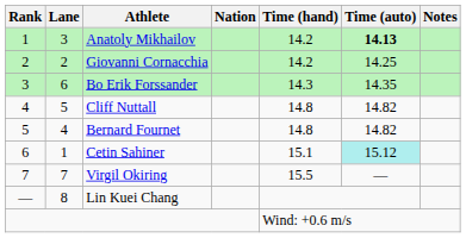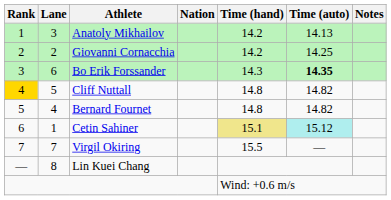 <table class="wikitable sortable" style="text-align:center">
 <tr>
 <th>Rank</th>
 <th>Lane</th>
 <th>Athlete</th>
 <th>Nation</th>
 <th>Time (hand)</th>
 <th>Time (auto)</th>
 <th>Notes</th>
 </tr>
 <tr bgcolor=bbf3bb>
 <td>1</td>
 <td>3</td>
 <td align=left><a href='#'>Anatoly Mikhailov</a></td>
 <td align=left></td>
 <td>14.2</td>
-<td><strong>14.13</strong></td>
+<td>14.13</td>
 <td></td>
 </tr>
 <tr bgcolor=bbf3bb>
 <td>2</td>
 <td>2</td>
 <td align=left><a href='#'>Giovanni Cornacchia</a></td>
 <td align=left></td>
 <td>14.2</td>
 <td>14.25</td>
 <td></td>
 </tr>
 <tr bgcolor=bbf3bb>
 <td>3</td>
 <td>6</td>
 <td align=left><a href='#'>Bo Erik Forssander</a></td>
 <td align=left></td>
 <td>14.3</td>
-<td>14.35</td>
+<td><strong>14.35</strong></td>
 <td></td>
 </tr>
 <tr>
-<td>4</td>
+<td style="background: gold;">4</td>
 <td>5</td>
 <td align=left><a href='#'>Cliff Nuttall</a></td>
 <td align=left></td>
 <td>14.8</td>
 <td>14.82</td>
 <td></td>
 </tr>
 <tr>
 <td>5</td>
 <td>4</td>
 <td align=left><a href='#'>Bernard Fournet</a></td>
 <td align=left></td>
 <td>14.8</td>
 <td>14.82</td>
 <td></td>
 </tr>
 <tr>
 <td>6</td>
 <td>1</td>
 <td align=left><a href='#'>Cetin Sahiner</a></td>
 <td align=left></td>
-<td>15.1</td>
+<td style="background: khaki;">15.1</td>
 <td style="background: paleturquoise;">15.12</td>
 <td></td>
 </tr>
 <tr>
 <td>7</td>
 <td>7</td>
 <td align=left><a href='#'>Virgil Okiring</a></td>
 <td align=left></td>
 <td>15.5</td>
 <td data-sort-value=15.5>—</td>
 <td></td>
 </tr>
 <tr>
 <td data-sort-value=8>—</td>
 <td>8</td>
 <td align=left>Lin Kuei Chang</td>
 <td align=left></td>
 <td colspan=2 data-sort-value=99.99></td>
 <td></td>
 </tr>
 <tr class="sortbottom">
 <td colspan=4></td>
 <td colspan="3" style="text-align:left;">Wind: +0.6 m/s</td>
 </tr>
 </table>
